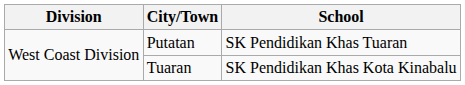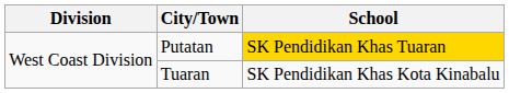 <table class="wikitable sortable">
 <tr>
 <th>Division</th>
 <th>City/Town</th>
 <th>School</th>
 </tr>
 <tr>
 <td rowspan=2>West Coast Division</td>
 <td>Putatan</td>
-<td>SK Pendidikan Khas Tuaran</td>
+<td style="background: gold;">SK Pendidikan Khas Tuaran</td>
 </tr>
 <tr>
 <td>Tuaran</td>
 <td>SK Pendidikan Khas Kota Kinabalu</td>
 </tr>
 </table>
